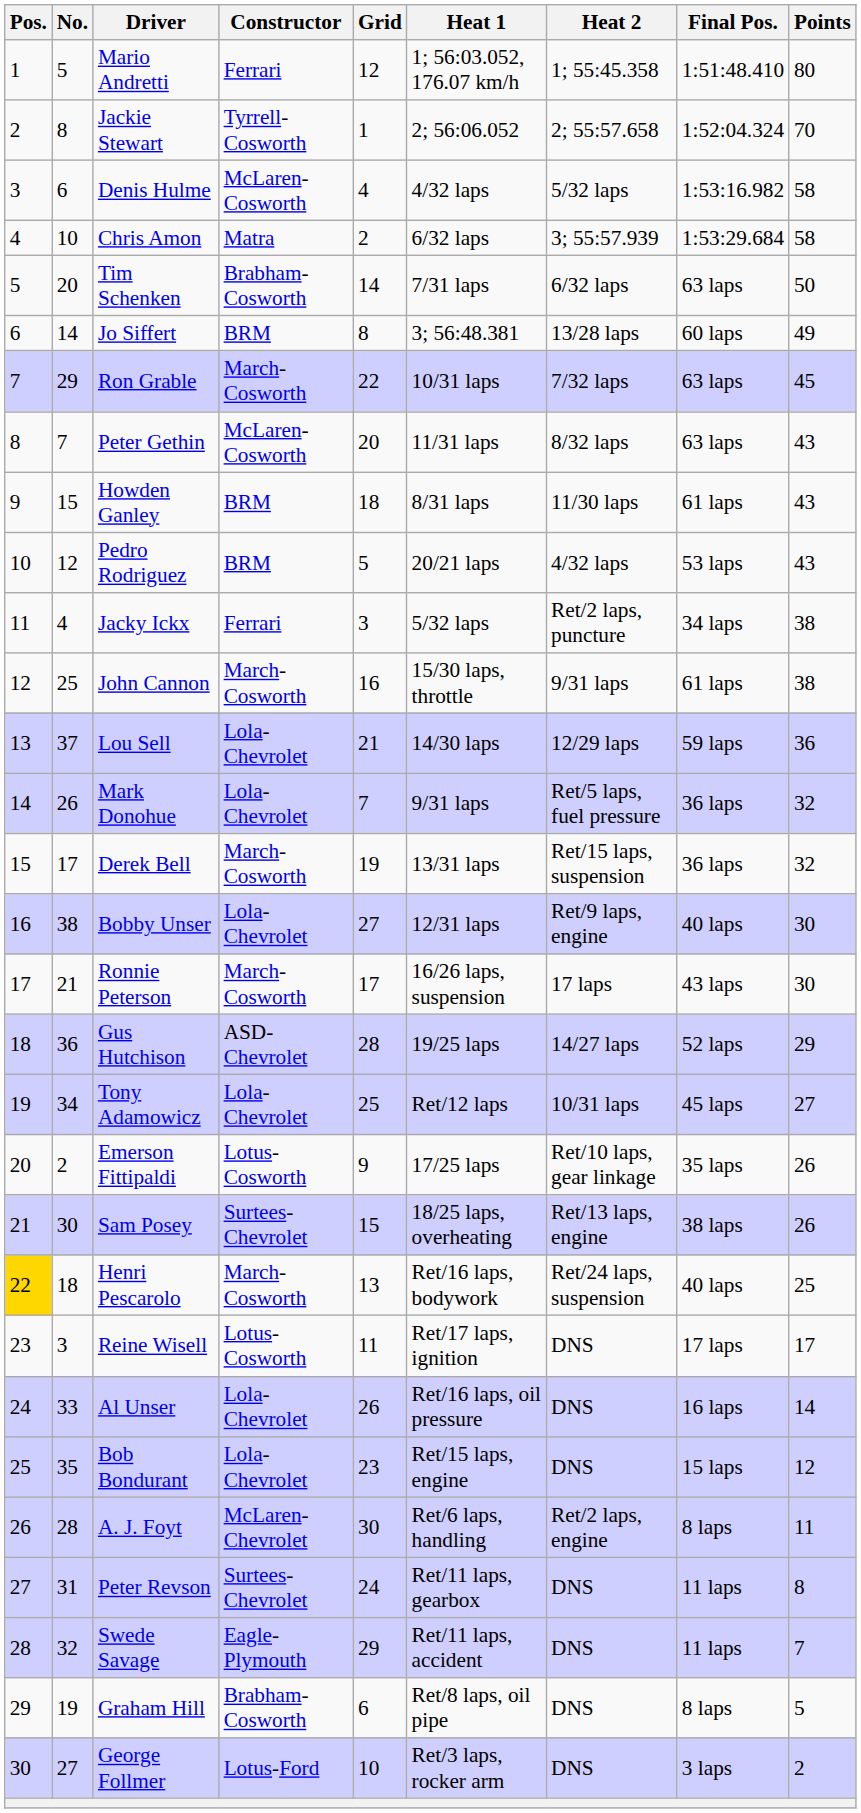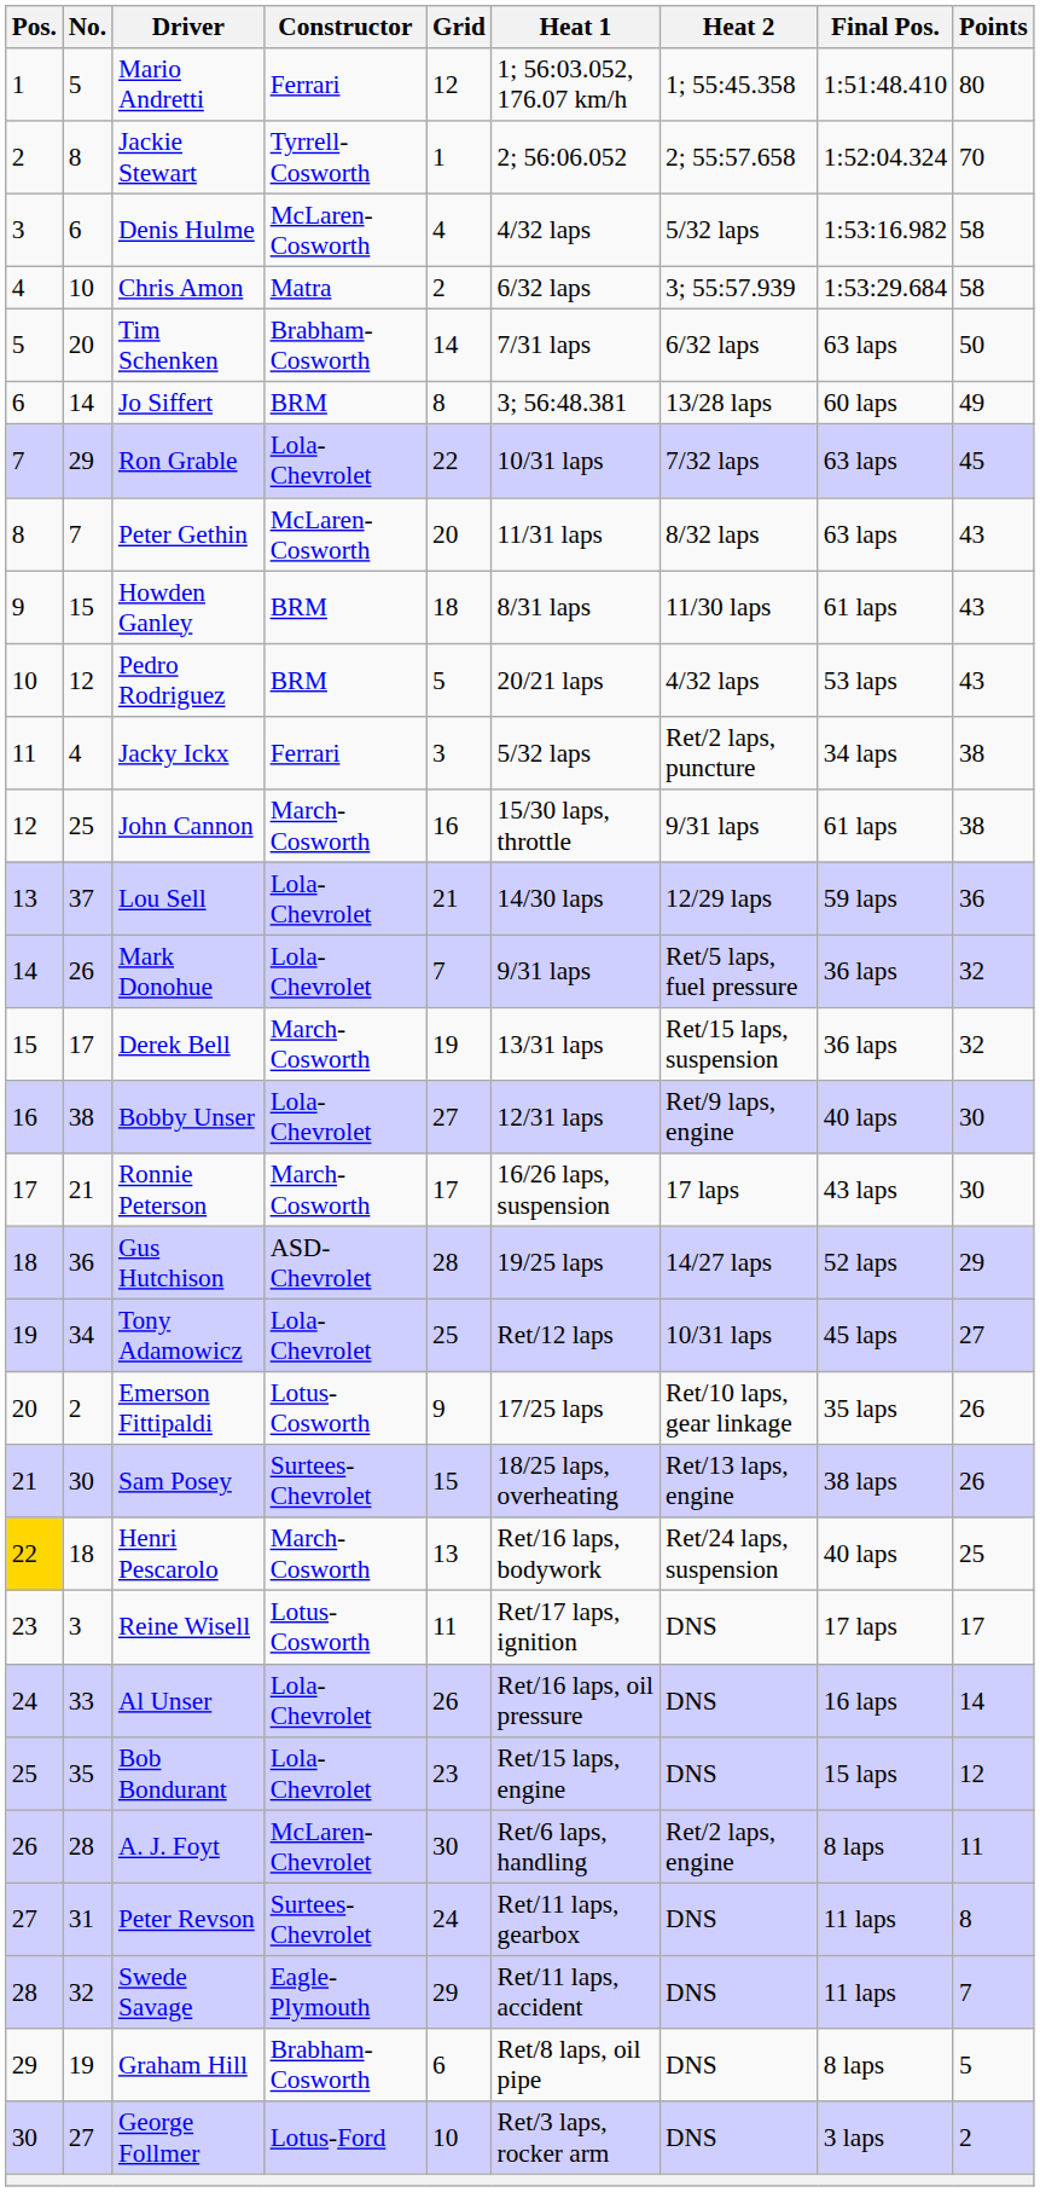 <table class="wikitable" style="font-size: 95%;">
 <tr>
 <th>Pos.</th>
 <th>No.</th>
 <th>Driver</th>
 <th>Constructor</th>
 <th>Grid</th>
 <th>Heat 1</th>
 <th>Heat 2</th>
 <th>Final Pos.</th>
 <th>Points</th>
 </tr>
 <tr>
 <td>1</td>
 <td>5</td>
 <td> <a href='#'>Mario Andretti</a></td>
 <td><a href='#'>Ferrari</a></td>
 <td>12</td>
 <td>1; 56:03.052, 176.07 km/h</td>
 <td>1; 55:45.358</td>
 <td>1:51:48.410</td>
 <td>80</td>
 </tr>
 <tr>
 <td>2</td>
 <td>8</td>
 <td> <a href='#'>Jackie Stewart</a></td>
 <td><a href='#'>Tyrrell</a>-<a href='#'>Cosworth</a></td>
 <td>1</td>
 <td>2; 56:06.052</td>
 <td>2; 55:57.658</td>
 <td>1:52:04.324</td>
 <td>70</td>
 </tr>
 <tr>
 <td>3</td>
 <td>6</td>
 <td> <a href='#'>Denis Hulme</a></td>
 <td><a href='#'>McLaren</a>-<a href='#'>Cosworth</a></td>
 <td>4</td>
 <td>4/32 laps</td>
 <td>5/32 laps</td>
 <td>1:53:16.982</td>
 <td>58</td>
 </tr>
 <tr>
 <td>4</td>
 <td>10</td>
 <td> <a href='#'>Chris Amon</a></td>
 <td><a href='#'>Matra</a></td>
 <td>2</td>
 <td>6/32 laps</td>
 <td>3; 55:57.939</td>
 <td>1:53:29.684</td>
 <td>58</td>
 </tr>
 <tr>
 <td>5</td>
 <td>20</td>
 <td> <a href='#'>Tim Schenken</a></td>
 <td><a href='#'>Brabham</a>-<a href='#'>Cosworth</a></td>
 <td>14</td>
 <td>7/31 laps</td>
 <td>6/32 laps</td>
 <td>63 laps</td>
 <td>50</td>
 </tr>
 <tr>
 <td>6</td>
 <td>14</td>
 <td> <a href='#'>Jo Siffert</a></td>
 <td><a href='#'>BRM</a></td>
 <td>8</td>
 <td>3; 56:48.381</td>
 <td>13/28 laps</td>
 <td>60 laps</td>
 <td>49</td>
 </tr>
 <tr style="background-color:#CFCFFF">
 <td>7</td>
 <td>29</td>
 <td> <a href='#'>Ron Grable</a></td>
-<td><a href='#'>March</a>-<a href='#'>Cosworth</a></td>
+<td><a href='#'>Lola</a>-<a href='#'>Chevrolet</a></td>
 <td>22</td>
 <td>10/31 laps</td>
 <td>7/32 laps</td>
 <td>63 laps</td>
 <td>45</td>
 </tr>
 <tr>
 <td>8</td>
 <td>7</td>
 <td> <a href='#'>Peter Gethin</a></td>
 <td><a href='#'>McLaren</a>-<a href='#'>Cosworth</a></td>
 <td>20</td>
 <td>11/31 laps</td>
 <td>8/32 laps</td>
 <td>63 laps</td>
 <td>43</td>
 </tr>
 <tr>
 <td>9</td>
 <td>15</td>
 <td> <a href='#'>Howden Ganley</a></td>
 <td><a href='#'>BRM</a></td>
 <td>18</td>
 <td>8/31 laps</td>
 <td>11/30 laps</td>
 <td>61 laps</td>
 <td>43</td>
 </tr>
 <tr>
 <td>10</td>
 <td>12</td>
 <td> <a href='#'>Pedro Rodriguez</a></td>
 <td><a href='#'>BRM</a></td>
 <td>5</td>
 <td>20/21 laps</td>
 <td>4/32 laps</td>
 <td>53 laps</td>
 <td>43</td>
 </tr>
 <tr>
 <td>11</td>
 <td>4</td>
 <td> <a href='#'>Jacky Ickx</a></td>
 <td><a href='#'>Ferrari</a></td>
 <td>3</td>
 <td>5/32 laps</td>
 <td>Ret/2 laps, puncture</td>
 <td>34 laps</td>
 <td>38</td>
 </tr>
 <tr>
 <td>12</td>
 <td>25</td>
 <td> <a href='#'>John Cannon</a></td>
 <td><a href='#'>March</a>-<a href='#'>Cosworth</a></td>
 <td>16</td>
 <td>15/30 laps, throttle</td>
 <td>9/31 laps</td>
 <td>61 laps</td>
 <td>38</td>
 </tr>
 <tr style="background-color:#CFCFFF">
 <td>13</td>
 <td>37</td>
 <td> <a href='#'>Lou Sell</a></td>
 <td><a href='#'>Lola</a>-<a href='#'>Chevrolet</a></td>
 <td>21</td>
 <td>14/30 laps</td>
 <td>12/29 laps</td>
 <td>59 laps</td>
 <td>36</td>
 </tr>
 <tr style="background-color:#CFCFFF">
 <td>14</td>
 <td>26</td>
 <td> <a href='#'>Mark Donohue</a></td>
 <td><a href='#'>Lola</a>-<a href='#'>Chevrolet</a></td>
 <td>7</td>
 <td>9/31 laps</td>
 <td>Ret/5 laps, fuel pressure</td>
 <td>36 laps</td>
 <td>32</td>
 </tr>
 <tr>
 <td>15</td>
 <td>17</td>
 <td> <a href='#'>Derek Bell</a></td>
 <td><a href='#'>March</a>-<a href='#'>Cosworth</a></td>
 <td>19</td>
 <td>13/31 laps</td>
 <td>Ret/15 laps, suspension</td>
 <td>36 laps</td>
 <td>32</td>
 </tr>
 <tr style="background-color:#CFCFFF">
 <td>16</td>
 <td>38</td>
 <td> <a href='#'>Bobby Unser</a></td>
 <td><a href='#'>Lola</a>-<a href='#'>Chevrolet</a></td>
 <td>27</td>
 <td>12/31 laps</td>
 <td>Ret/9 laps, engine</td>
 <td>40 laps</td>
 <td>30</td>
 </tr>
 <tr>
 <td>17</td>
 <td>21</td>
 <td> <a href='#'>Ronnie Peterson</a></td>
 <td><a href='#'>March</a>-<a href='#'>Cosworth</a></td>
 <td>17</td>
 <td>16/26 laps, suspension</td>
 <td>17 laps</td>
 <td>43 laps</td>
 <td>30</td>
 </tr>
 <tr style="background-color:#CFCFFF">
 <td>18</td>
 <td>36</td>
 <td> <a href='#'>Gus Hutchison</a></td>
 <td>ASD-<a href='#'>Chevrolet</a></td>
 <td>28</td>
 <td>19/25 laps</td>
 <td>14/27 laps</td>
 <td>52 laps</td>
 <td>29</td>
 </tr>
 <tr style="background-color:#CFCFFF">
 <td>19</td>
 <td>34</td>
 <td> <a href='#'>Tony Adamowicz</a></td>
 <td><a href='#'>Lola</a>-<a href='#'>Chevrolet</a></td>
 <td>25</td>
 <td>Ret/12 laps</td>
 <td>10/31 laps</td>
 <td>45 laps</td>
 <td>27</td>
 </tr>
 <tr>
 <td>20</td>
 <td>2</td>
 <td> <a href='#'>Emerson Fittipaldi</a></td>
 <td><a href='#'>Lotus</a>-<a href='#'>Cosworth</a></td>
 <td>9</td>
 <td>17/25 laps</td>
 <td>Ret/10 laps, gear linkage</td>
 <td>35 laps</td>
 <td>26</td>
 </tr>
 <tr style="background-color:#CFCFFF">
 <td>21</td>
 <td>30</td>
 <td> <a href='#'>Sam Posey</a></td>
 <td><a href='#'>Surtees</a>-<a href='#'>Chevrolet</a></td>
 <td>15</td>
 <td>18/25 laps, overheating</td>
 <td>Ret/13 laps, engine</td>
 <td>38 laps</td>
 <td>26</td>
 </tr>
 <tr>
 <td style="background: gold;">22</td>
 <td>18</td>
 <td> <a href='#'>Henri Pescarolo</a></td>
 <td><a href='#'>March</a>-<a href='#'>Cosworth</a></td>
 <td>13</td>
 <td>Ret/16 laps, bodywork</td>
 <td>Ret/24 laps, suspension</td>
 <td>40 laps</td>
 <td>25</td>
 </tr>
 <tr>
 <td>23</td>
 <td>3</td>
 <td> <a href='#'>Reine Wisell</a></td>
 <td><a href='#'>Lotus</a>-<a href='#'>Cosworth</a></td>
 <td>11</td>
 <td>Ret/17 laps, ignition</td>
 <td>DNS</td>
 <td>17 laps</td>
 <td>17</td>
 </tr>
 <tr style="background-color:#CFCFFF">
 <td>24</td>
 <td>33</td>
 <td> <a href='#'>Al Unser</a></td>
 <td><a href='#'>Lola</a>-<a href='#'>Chevrolet</a></td>
 <td>26</td>
 <td>Ret/16 laps, oil pressure</td>
 <td>DNS</td>
 <td>16 laps</td>
 <td>14</td>
 </tr>
 <tr style="background-color:#CFCFFF">
 <td>25</td>
 <td>35</td>
 <td> <a href='#'>Bob Bondurant</a></td>
 <td><a href='#'>Lola</a>-<a href='#'>Chevrolet</a></td>
 <td>23</td>
 <td>Ret/15 laps, engine</td>
 <td>DNS</td>
 <td>15 laps</td>
 <td>12</td>
 </tr>
 <tr style="background-color:#CFCFFF">
 <td>26</td>
 <td>28</td>
 <td> <a href='#'>A. J. Foyt</a></td>
 <td><a href='#'>McLaren</a>-<a href='#'>Chevrolet</a></td>
 <td>30</td>
 <td>Ret/6 laps, handling</td>
 <td>Ret/2 laps, engine</td>
 <td>8 laps</td>
 <td>11</td>
 </tr>
 <tr style="background-color:#CFCFFF">
 <td>27</td>
 <td>31</td>
 <td> <a href='#'>Peter Revson</a></td>
 <td><a href='#'>Surtees</a>-<a href='#'>Chevrolet</a></td>
 <td>24</td>
 <td>Ret/11 laps, gearbox</td>
 <td>DNS</td>
 <td>11 laps</td>
 <td>8</td>
 </tr>
 <tr style="background-color:#CFCFFF">
 <td>28</td>
 <td>32</td>
 <td> <a href='#'>Swede Savage</a></td>
 <td><a href='#'>Eagle</a>-<a href='#'>Plymouth</a></td>
 <td>29</td>
 <td>Ret/11 laps, accident</td>
 <td>DNS</td>
 <td>11 laps</td>
 <td>7</td>
 </tr>
 <tr>
 <td>29</td>
 <td>19</td>
 <td> <a href='#'>Graham Hill</a></td>
 <td><a href='#'>Brabham</a>-<a href='#'>Cosworth</a></td>
 <td>6</td>
 <td>Ret/8 laps, oil pipe</td>
 <td>DNS</td>
 <td>8 laps</td>
 <td>5</td>
 </tr>
 <tr style="background-color:#CFCFFF">
 <td>30</td>
 <td>27</td>
 <td> <a href='#'>George Follmer</a></td>
 <td><a href='#'>Lotus</a>-<a href='#'>Ford</a></td>
 <td>10</td>
 <td>Ret/3 laps, rocker arm</td>
 <td>DNS</td>
 <td>3 laps</td>
 <td>2</td>
 </tr>
 <tr>
 <th colspan="9"></th>
 </tr>
 </table>
